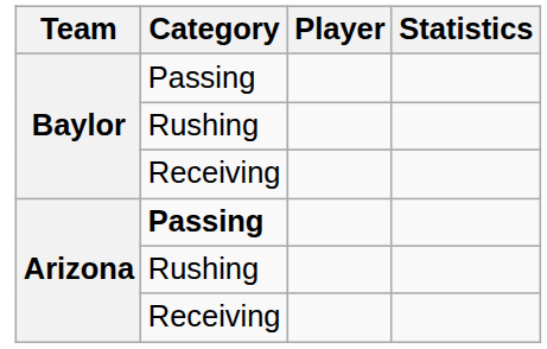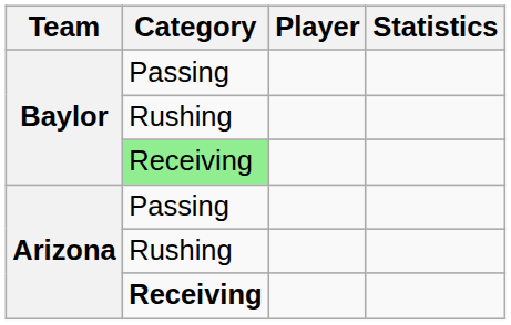 <table class="wikitable" style="float:right">
 <tr>
 <th>Team</th>
 <th>Category</th>
 <th>Player</th>
 <th>Statistics</th>
 </tr>
 <tr>
 <th rowspan=3>Baylor</th>
 <td>Passing</td>
 <td></td>
 <td></td>
 </tr>
 <tr>
 <td>Rushing</td>
 <td></td>
 <td></td>
 </tr>
 <tr>
-<td>Receiving</td>
+<td style="background: lightgreen;">Receiving</td>
 <td></td>
 <td></td>
 </tr>
 <tr>
 <th rowspan=3>Arizona</th>
-<td><strong>Passing</strong></td>
+<td>Passing</td>
 <td></td>
 <td></td>
 </tr>
 <tr>
 <td>Rushing</td>
 <td></td>
 <td></td>
 </tr>
 <tr>
-<td>Receiving</td>
+<td><strong>Receiving</strong></td>
 <td></td>
 <td></td>
 </tr>
 </table>
